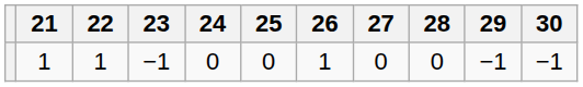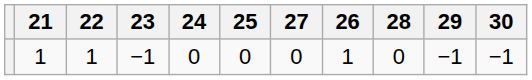 <table class="wikitable" style="text-align:center">
 <tr>
 <th></th>
 <th style="width: 30px;">21</th>
 <th style="width: 30px;">22</th>
 <th style="width: 30px;">23</th>
 <th style="width: 30px;">24</th>
 <th style="width: 30px;">25</th>
+<th style="width: 30px;">27</th>
 <th style="width: 30px;">26</th>
-<th style="width: 30px;">27</th>
 <th style="width: 30px;">28</th>
 <th style="width: 30px;">29</th>
 <th style="width: 30px;">30</th>
 </tr>
 <tr>
 <th></th>
 <td>1</td>
 <td>1</td>
 <td>−1</td>
 <td>0</td>
 <td>0</td>
+<td>0</td>
 <td>1</td>
-<td>0</td>
 <td>0</td>
 <td>−1</td>
 <td>−1</td>
 </tr>
 </table>
